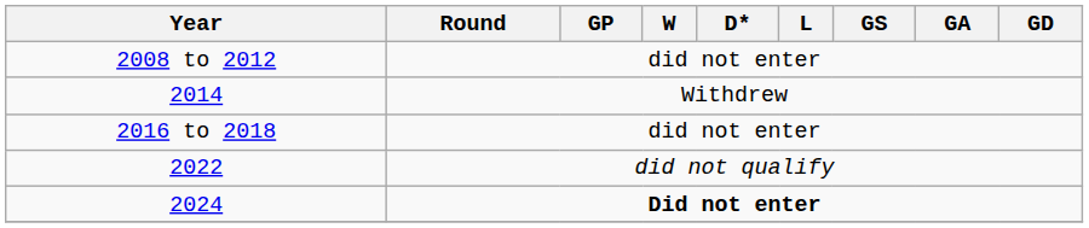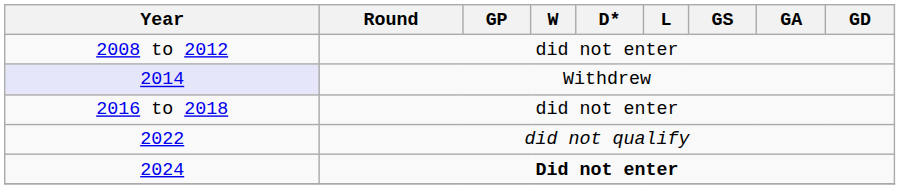 <table class="wikitable" style="text-align: center; width:50%;">
 <tr>
 <th>Year</th>
 <th>Round</th>
 <th>GP</th>
 <th>W</th>
 <th>D*</th>
 <th>L</th>
 <th>GS</th>
 <th>GA</th>
 <th>GD</th>
 </tr>
 <tr>
 <td> <a href='#'>2008</a> to  <a href='#'>2012</a></td>
 <td colspan=8>did not enter</td>
 </tr>
 <tr>
-<td> <a href='#'>2014</a></td>
+<td style="background: lavender;"> <a href='#'>2014</a></td>
 <td colspan=8>Withdrew</td>
 </tr>
 <tr>
 <td> <a href='#'>2016</a> to  <a href='#'>2018</a></td>
 <td colspan=8>did not enter</td>
 </tr>
 <tr>
 <td> <a href='#'>2022</a></td>
 <td colspan=8><em>did not qualify</em></td>
 </tr>
 <tr>
 <td> <a href='#'>2024</a></td>
 <td colspan=8><strong> Did not enter </strong></td>
 </tr>
 <tr>
 </tr>
 </table>
